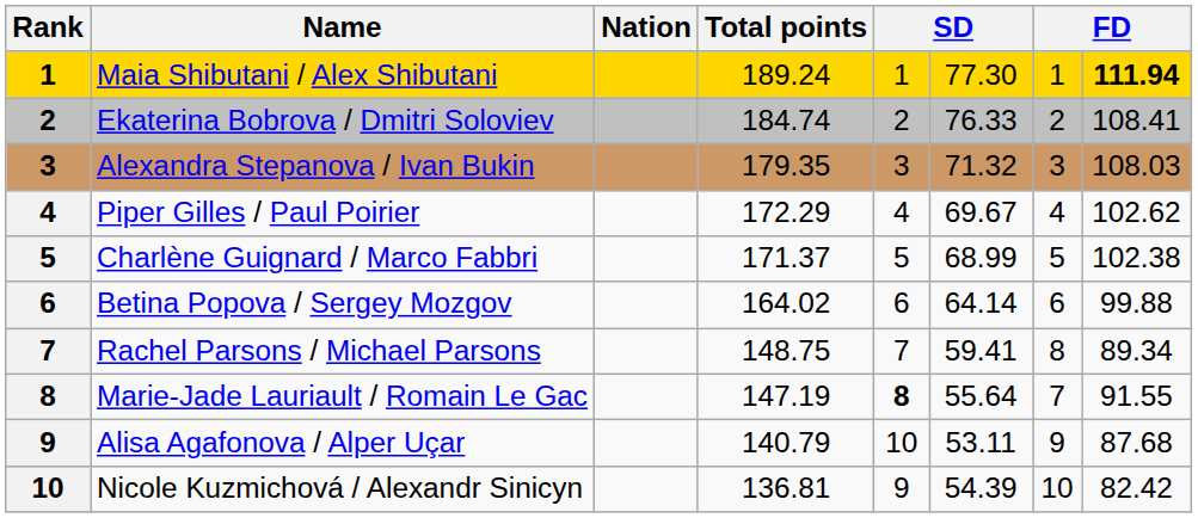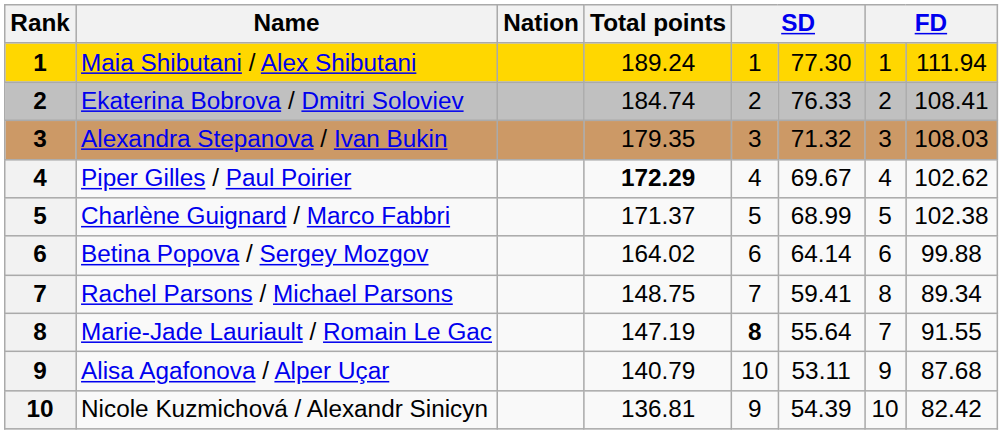 <table class="wikitable sortable">
 <tr>
 <th>Rank</th>
 <th>Name</th>
 <th>Nation</th>
 <th>Total points</th>
 <th colspan="2" width="80px"><a href='#'>SD</a></th>
 <th colspan="2" width="80px"><a href='#'>FD</a></th>
 </tr>
 <tr bgcolor="gold">
 <td align="center"><strong>1</strong></td>
 <td><a href='#'>Maia Shibutani</a> / <a href='#'>Alex Shibutani</a></td>
 <td></td>
 <td align="center">189.24</td>
 <td align="center">1</td>
 <td align="center">77.30</td>
 <td align="center">1</td>
-<td align="center"><strong>111.94</strong></td>
+<td align="center">111.94</td>
 </tr>
 <tr bgcolor="silver">
 <td align="center"><strong>2</strong></td>
 <td><a href='#'>Ekaterina Bobrova</a> / <a href='#'>Dmitri Soloviev</a></td>
 <td></td>
 <td align="center">184.74</td>
 <td align="center">2</td>
 <td align="center">76.33</td>
 <td align="center">2</td>
 <td align="center">108.41</td>
 </tr>
 <tr bgcolor="cc9966">
 <td align="center"><strong>3</strong></td>
 <td><a href='#'>Alexandra Stepanova</a> / <a href='#'>Ivan Bukin</a></td>
 <td></td>
 <td align="center">179.35</td>
 <td align="center">3</td>
 <td align="center">71.32</td>
 <td align="center">3</td>
 <td align="center">108.03</td>
 </tr>
 <tr>
 <th>4</th>
 <td><a href='#'>Piper Gilles</a> / <a href='#'>Paul Poirier</a></td>
 <td></td>
-<td align="center">172.29</td>
+<td align="center"><strong>172.29</strong></td>
 <td align="center">4</td>
 <td align="center">69.67</td>
 <td align="center">4</td>
 <td align="center">102.62</td>
 </tr>
 <tr>
 <th>5</th>
 <td><a href='#'>Charlène Guignard</a> / <a href='#'>Marco Fabbri</a></td>
 <td></td>
 <td align="center">171.37</td>
 <td align="center">5</td>
 <td align="center">68.99</td>
 <td align="center">5</td>
 <td align="center">102.38</td>
 </tr>
 <tr>
 <th>6</th>
 <td><a href='#'>Betina Popova</a> / <a href='#'>Sergey Mozgov</a></td>
 <td></td>
 <td align="center">164.02</td>
 <td align="center">6</td>
 <td align="center">64.14</td>
 <td align="center">6</td>
 <td align="center">99.88</td>
 </tr>
 <tr>
 <th>7</th>
 <td><a href='#'>Rachel Parsons</a> / <a href='#'>Michael Parsons</a></td>
 <td></td>
 <td align="center">148.75</td>
 <td align="center">7</td>
 <td align="center">59.41</td>
 <td align="center">8</td>
 <td align="center">89.34</td>
 </tr>
 <tr>
 <th>8</th>
 <td><a href='#'>Marie-Jade Lauriault</a> / <a href='#'>Romain Le Gac</a></td>
 <td></td>
 <td align="center">147.19</td>
 <td align="center"><strong>8</strong></td>
 <td align="center">55.64</td>
 <td align="center">7</td>
 <td align="center">91.55</td>
 </tr>
 <tr>
 <th>9</th>
 <td><a href='#'>Alisa Agafonova</a> / <a href='#'>Alper Uçar</a></td>
 <td></td>
 <td align="center">140.79</td>
 <td align="center">10</td>
 <td align="center">53.11</td>
 <td align="center">9</td>
 <td align="center">87.68</td>
 </tr>
 <tr>
 <th>10</th>
 <td>Nicole Kuzmichová / Alexandr Sinicyn</td>
 <td></td>
 <td align="center">136.81</td>
 <td align="center">9</td>
 <td align="center">54.39</td>
 <td align="center">10</td>
 <td align="center">82.42</td>
 </tr>
 </table>
